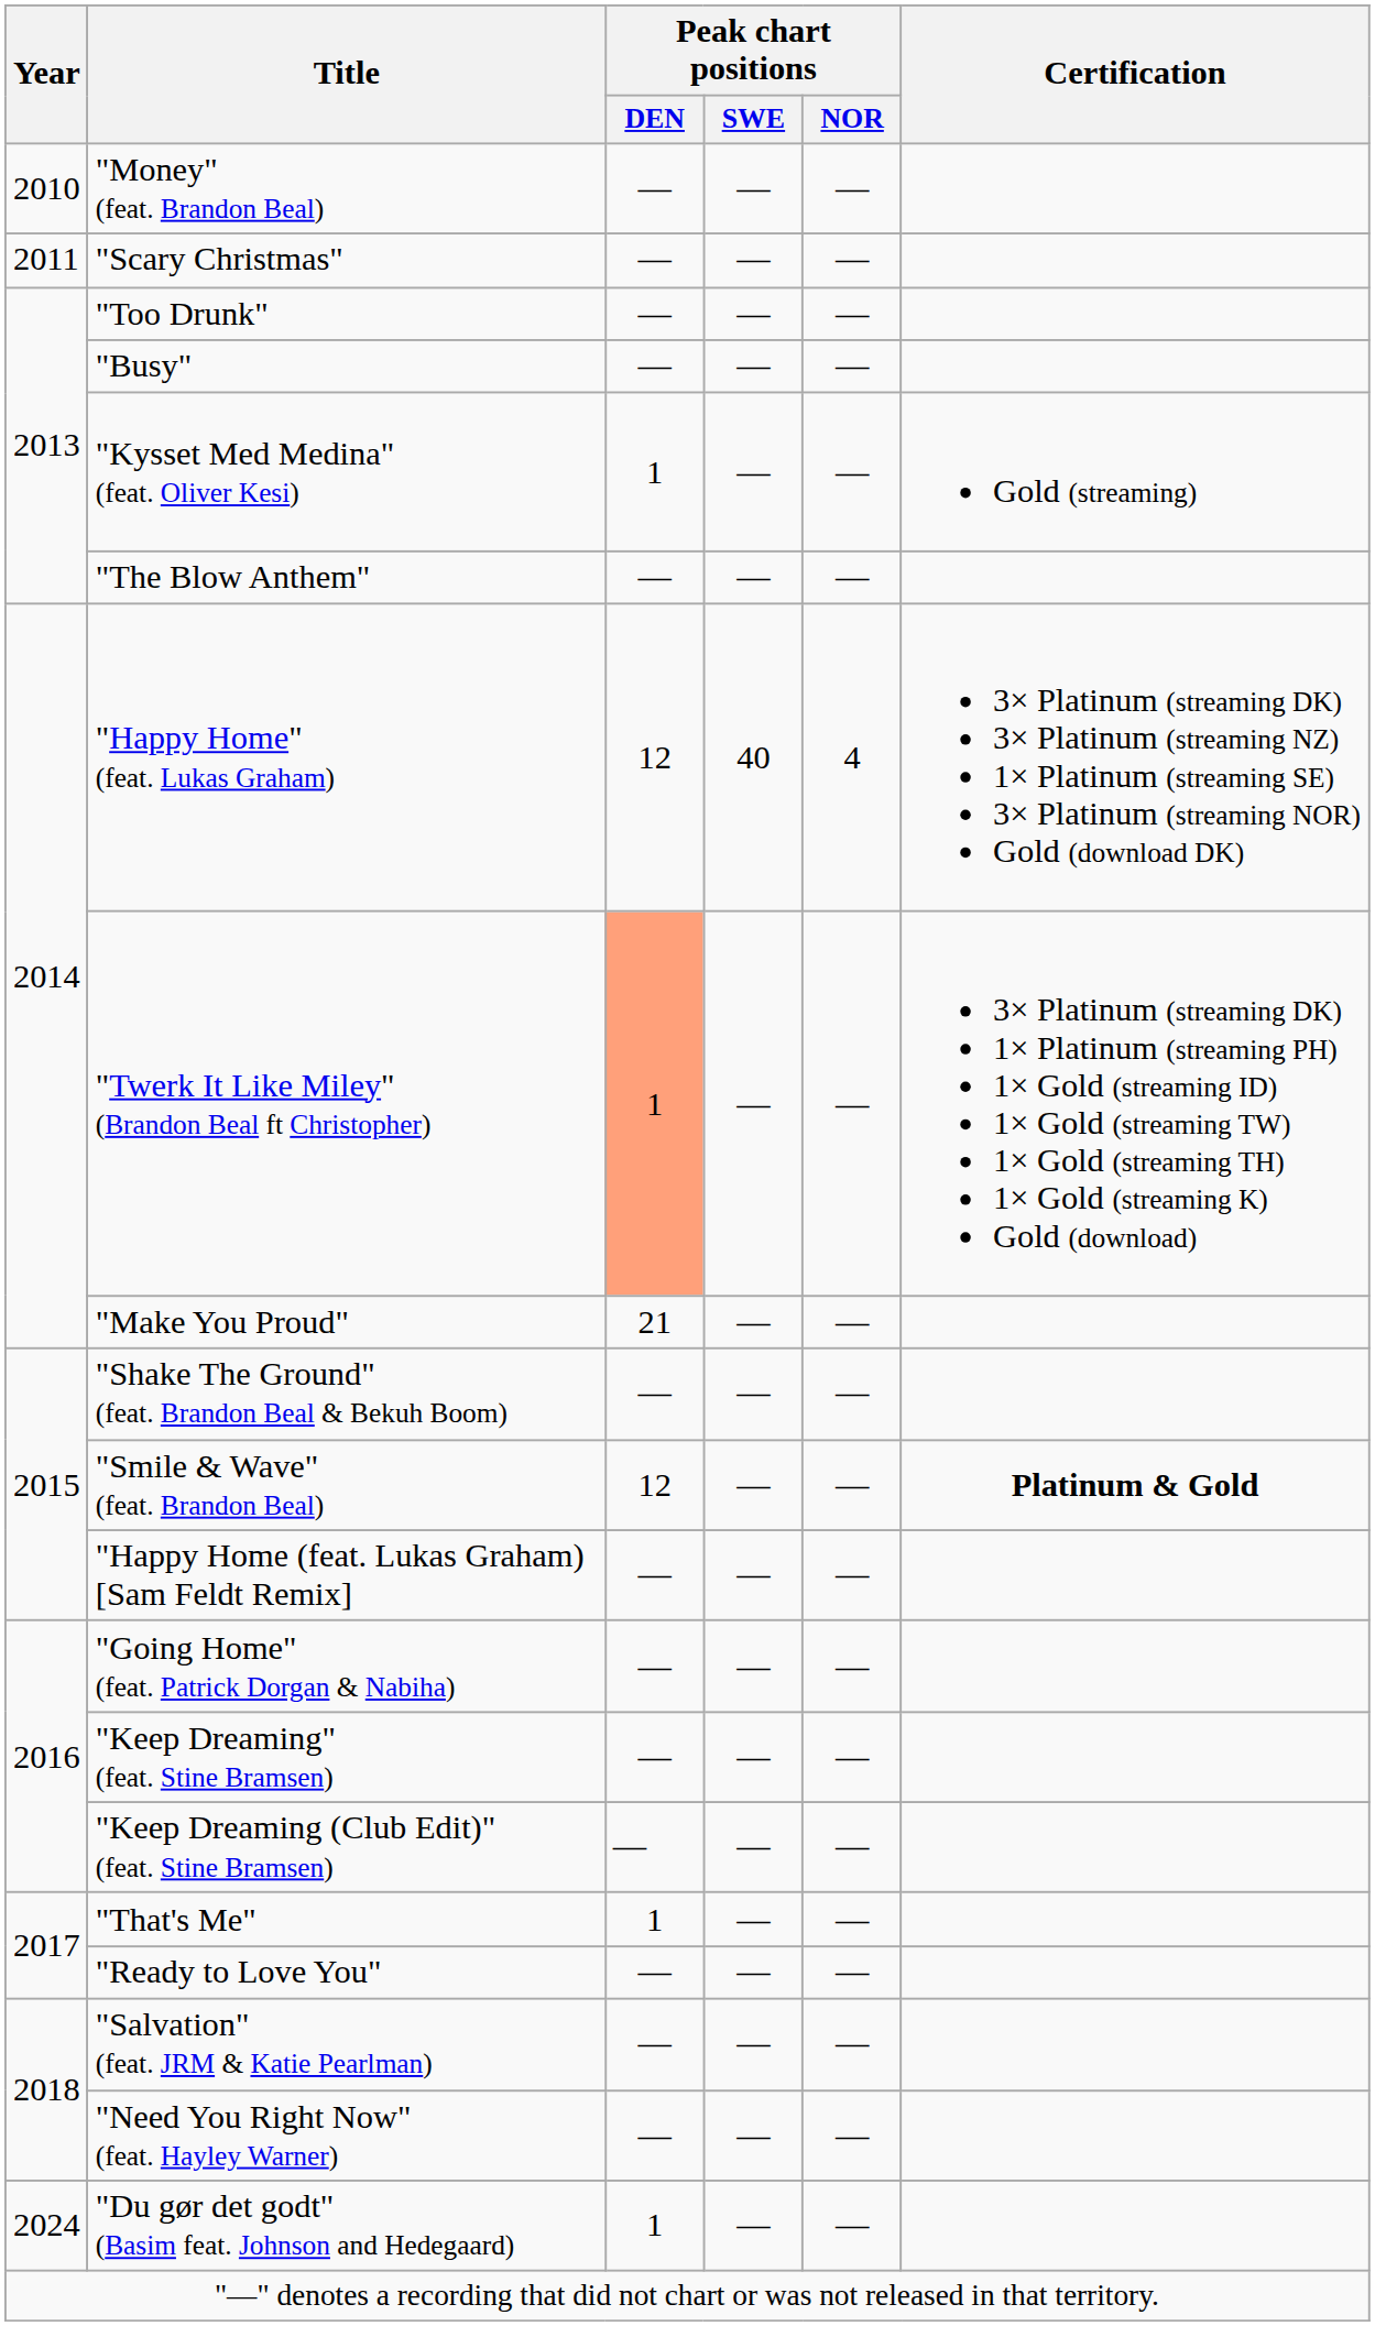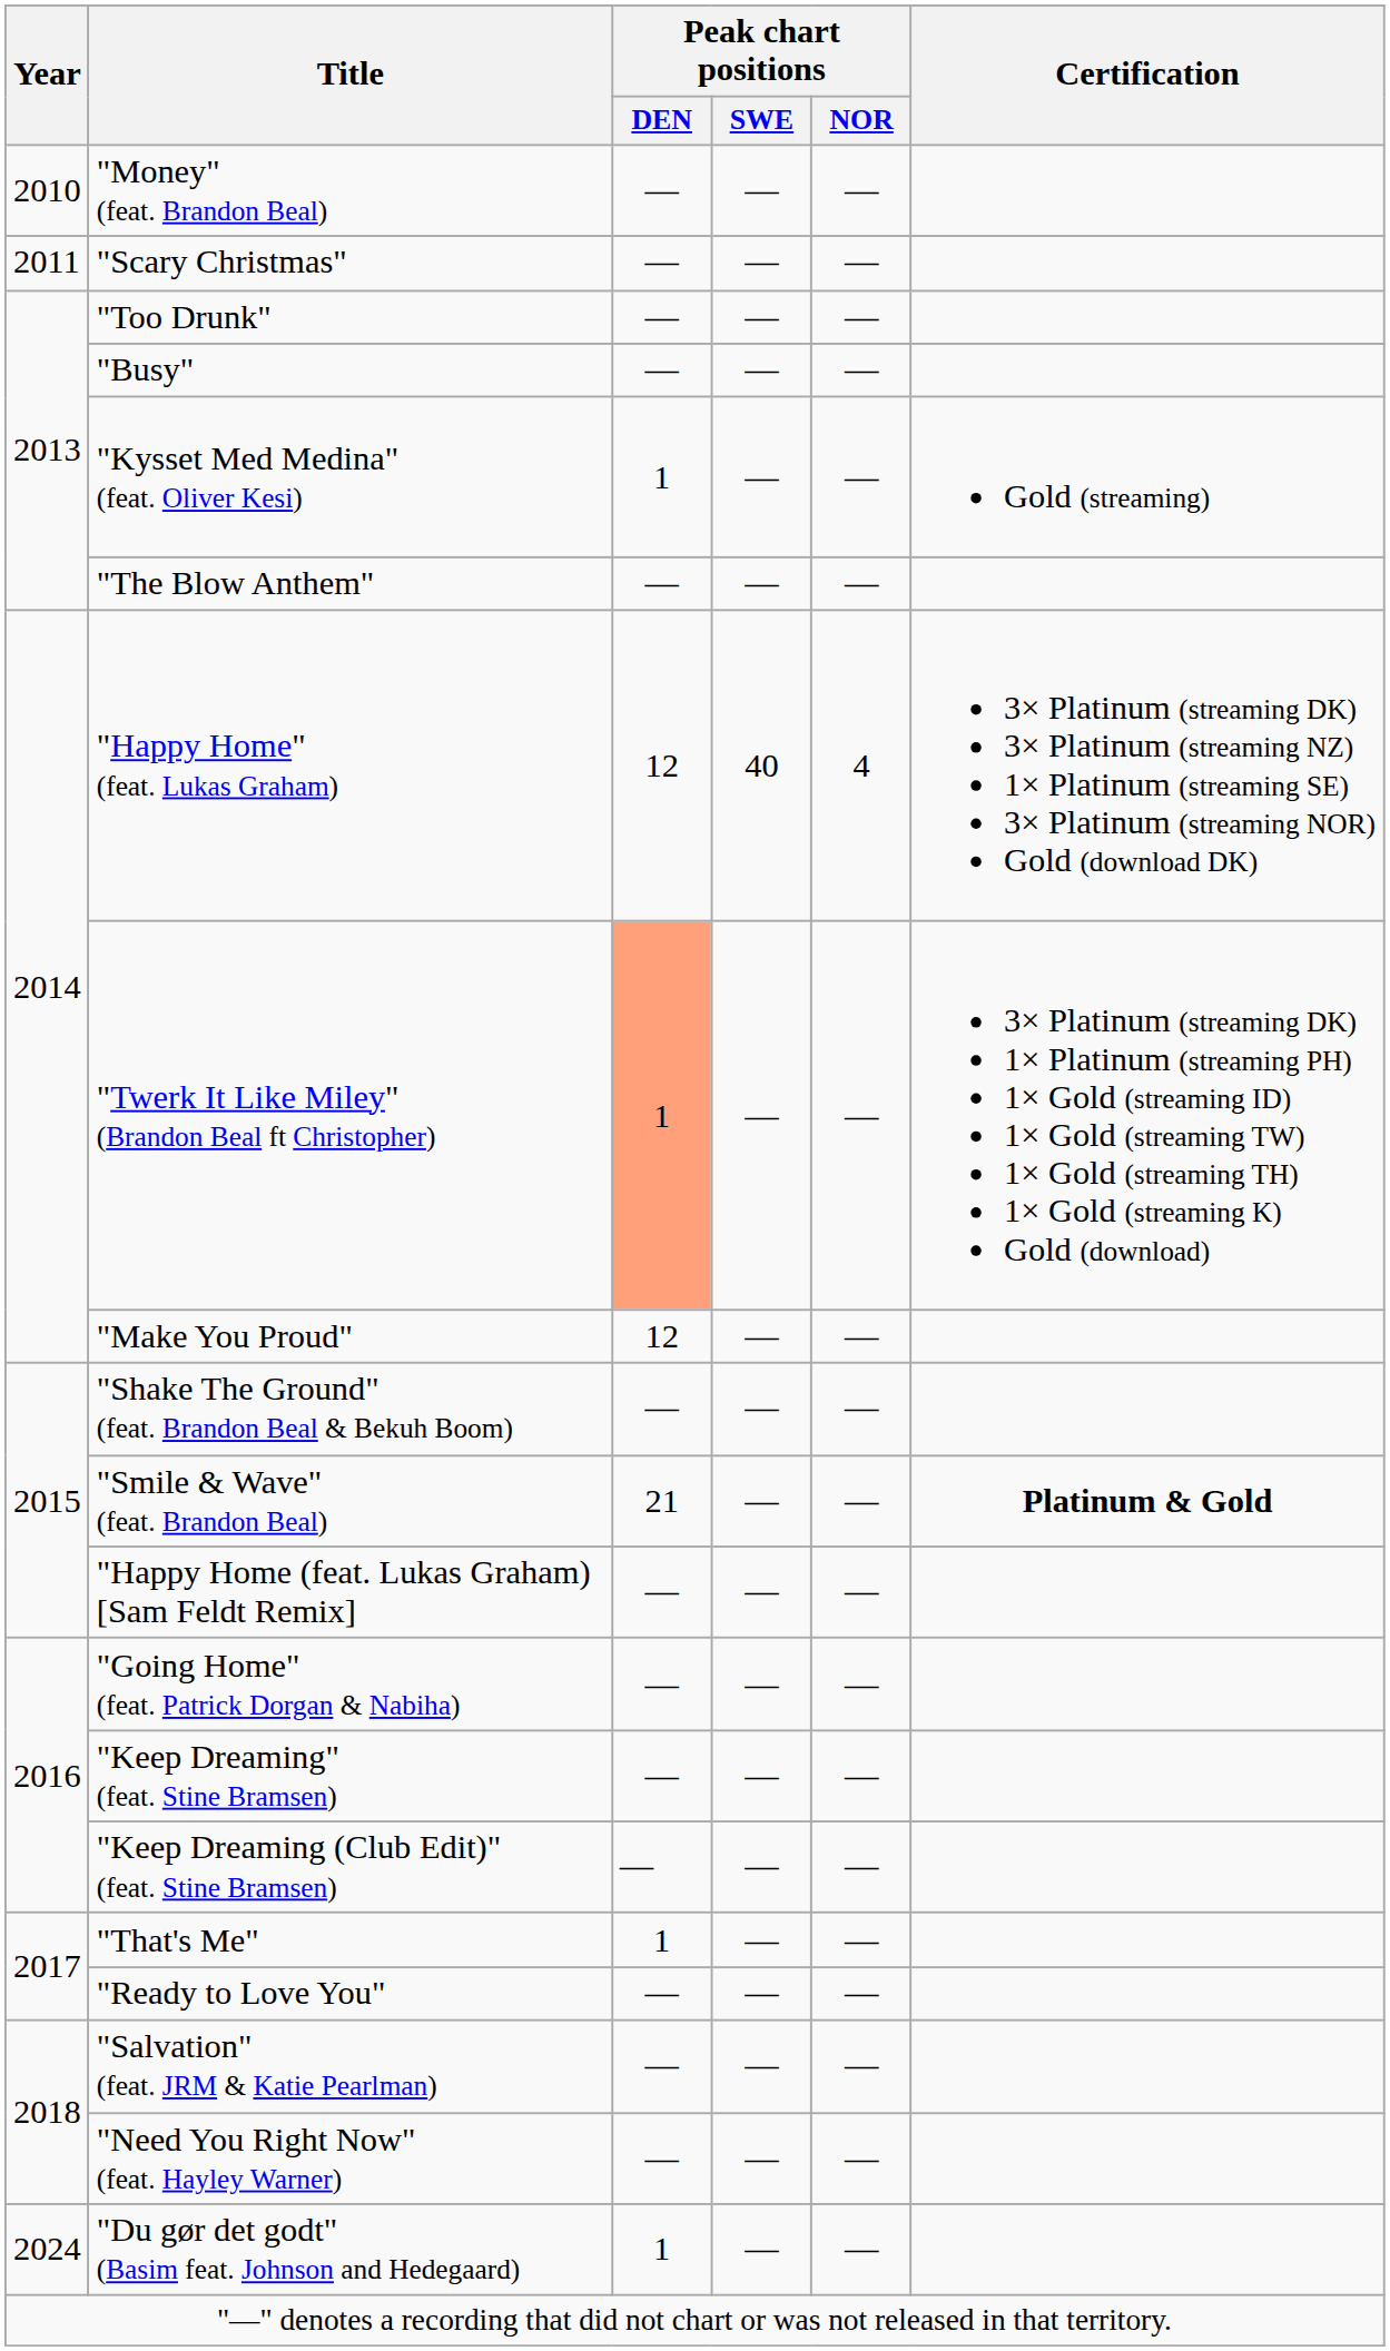 <table class="wikitable plainrowheaders" style="text-align:left;">
 <tr>
 <th scope="col" rowspan="2">Year</th>
 <th scope="col" rowspan="2" style="width:15em;">Title</th>
 <th scope="col" colspan="3">Peak chart positions</th>
 <th scope="col" rowspan="2">Certification</th>
 </tr>
 <tr>
 <th scope="col" style="width:3em;font-size:85%;"><a href='#'>DEN</a><br></th>
 <th scope="col" style="width:3em;font-size:85%;"><a href='#'>SWE</a><br></th>
 <th scope="col" style="width:3em;font-size:85%;"><a href='#'>NOR</a><br></th>
 </tr>
 <tr>
 <td>2010</td>
 <td>"Money" <br><small>(feat. <a href='#'>Brandon Beal</a>)</small></td>
 <td style="text-align:center;">—</td>
 <td style="text-align:center;">—</td>
 <td style="text-align:center;">—</td>
 <td></td>
 </tr>
 <tr>
 <td>2011</td>
 <td>"Scary Christmas"</td>
 <td style="text-align:center;">—</td>
 <td style="text-align:center;">—</td>
 <td style="text-align:center;">—</td>
 <td></td>
 </tr>
 <tr>
 <td rowspan="4">2013</td>
 <td>"Too Drunk"</td>
 <td style="text-align:center;">—</td>
 <td style="text-align:center;">—</td>
 <td style="text-align:center;">—</td>
 <td></td>
 </tr>
 <tr>
 <td>"Busy"</td>
 <td style="text-align:center;">—</td>
 <td style="text-align:center;">—</td>
 <td style="text-align:center;">—</td>
 <td></td>
 </tr>
 <tr>
 <td>"Kysset Med Medina" <br><small>(feat. <a href='#'>Oliver Kesi</a>)</small></td>
 <td style="text-align:center;">1</td>
 <td style="text-align:center;">—</td>
 <td style="text-align:center;">—</td>
 <td><br><ul><li>Gold <small>(streaming)</small></li></ul></td>
 </tr>
 <tr>
 <td>"The Blow Anthem"</td>
 <td style="text-align:center;">—</td>
 <td style="text-align:center;">—</td>
 <td style="text-align:center;">—</td>
 <td></td>
 </tr>
 <tr>
 <td rowspan="3">2014</td>
 <td>"<a href='#'>Happy Home</a>" <br><small>(feat. <a href='#'>Lukas Graham</a>)</small></td>
 <td style="text-align:center;">12</td>
 <td style="text-align:center;">40</td>
 <td style="text-align:center;">4</td>
 <td><br><ul><li>3× Platinum <small>(streaming DK)</small></li><li>3× Platinum <small>(streaming NZ)</small></li><li>1× Platinum <small>(streaming SE)</small></li><li>3× Platinum <small>(streaming NOR)</small></li><li>Gold <small>(download DK)</small></li></ul></td>
 </tr>
 <tr>
 <td>"<a href='#'>Twerk It Like Miley</a>" <br><small>(<a href='#'>Brandon Beal</a> ft <a href='#'>Christopher</a>)</small></td>
 <td style="background: lightsalmon; text-align:center;">1</td>
 <td style="text-align:center;">—</td>
 <td style="text-align:center;">—</td>
 <td><br><ul><li>3× Platinum <small>(streaming DK)</small></li><li>1× Platinum <small>(streaming PH)</small></li><li>1× Gold <small>(streaming ID)</small></li><li>1× Gold <small>(streaming TW)</small></li><li>1× Gold <small>(streaming TH)</small></li><li>1× Gold <small>(streaming K)</small></li><li>Gold <small>(download)</small></li></ul></td>
 </tr>
 <tr>
 <td>"Make You Proud"</td>
-<td style="text-align:center;">21</td>
+<td style="text-align:center;">12</td>
 <td style="text-align:center;">—</td>
 <td style="text-align:center;">—</td>
 <td></td>
 </tr>
 <tr>
 <td rowspan="3">2015</td>
 <td>"Shake The Ground" <br><small>(feat. <a href='#'>Brandon Beal</a> & Bekuh Boom)</small></td>
 <td style="text-align:center;">—</td>
 <td style="text-align:center;">—</td>
 <td style="text-align:center;">—</td>
 <td></td>
 </tr>
 <tr>
 <td>"Smile & Wave" <br><small>(feat. <a href='#'>Brandon Beal</a>)</small></td>
-<td style="text-align:center;">12</td>
+<td style="text-align:center;">21</td>
 <td style="text-align:center;">—</td>
 <td style="text-align:center;">—</td>
 <td style="text-align:center;"><strong>Platinum & Gold</strong></td>
 </tr>
 <tr>
 <td>"Happy Home (feat. Lukas Graham) [Sam Feldt Remix]</td>
 <td style="text-align:center;">—</td>
 <td style="text-align:center;">—</td>
 <td style="text-align:center;">—</td>
 <td></td>
 </tr>
 <tr>
 <td rowspan="3">2016</td>
 <td>"Going Home" <br><small>(feat. <a href='#'>Patrick Dorgan</a> & <a href='#'>Nabiha</a>)</small></td>
 <td style="text-align:center;">—</td>
 <td style="text-align:center;">—</td>
 <td style="text-align:center;">—</td>
 <td></td>
 </tr>
 <tr>
 <td>"Keep Dreaming" <br><small>(feat. <a href='#'>Stine Bramsen</a>)</small></td>
 <td style="text-align:center;">—</td>
 <td style="text-align:center;">—</td>
 <td style="text-align:center;">—</td>
 <td></td>
 </tr>
 <tr>
 <td>"Keep Dreaming (Club Edit)" <br><small>(feat. <a href='#'>Stine Bramsen</a>)</small></td>
 <td style="fext-align:center;">—</td>
 <td style="text-align:center;">—</td>
 <td style="text-align:center;">—</td>
 <td></td>
 </tr>
 <tr>
 <td rowspan="2">2017</td>
 <td>"That's Me"</td>
 <td style="text-align:center;">1</td>
 <td style="text-align:center;">—</td>
 <td style="text-align:center;">—</td>
 <td></td>
 </tr>
 <tr>
 <td>"Ready to Love You"</td>
 <td style="text-align:center;">—</td>
 <td style="text-align:center;">—</td>
 <td style="text-align:center;">—</td>
 <td></td>
 </tr>
 <tr>
 <td rowspan="2">2018</td>
 <td>"Salvation" <br><small>(feat. <a href='#'>JRM</a> & <a href='#'>Katie Pearlman</a>)</small></td>
 <td style="text-align:center;">—</td>
 <td style="text-align:center;">—</td>
 <td style="text-align:center;">—</td>
 <td></td>
 </tr>
 <tr>
 <td>"Need You Right Now" <br><small>(feat. <a href='#'>Hayley Warner</a>)</small></td>
 <td style="text-align:center;">—</td>
 <td style="text-align:center;">—</td>
 <td style="text-align:center;">—</td>
 <td></td>
 </tr>
 <tr>
 <td>2024</td>
 <td>"Du gør det godt" <br><small>(<a href='#'>Basim</a> feat. <a href='#'>Johnson</a> and Hedegaard)</small></td>
 <td style="text-align:center;">1</td>
 <td style="text-align:center;">—</td>
 <td style="text-align:center;">—</td>
 <td></td>
 </tr>
 <tr>
 <td colspan="6" style="font-size:90%;text-align:center;">"—" denotes a recording that did not chart or was not released in that territory.</td>
 </tr>
 </table>
